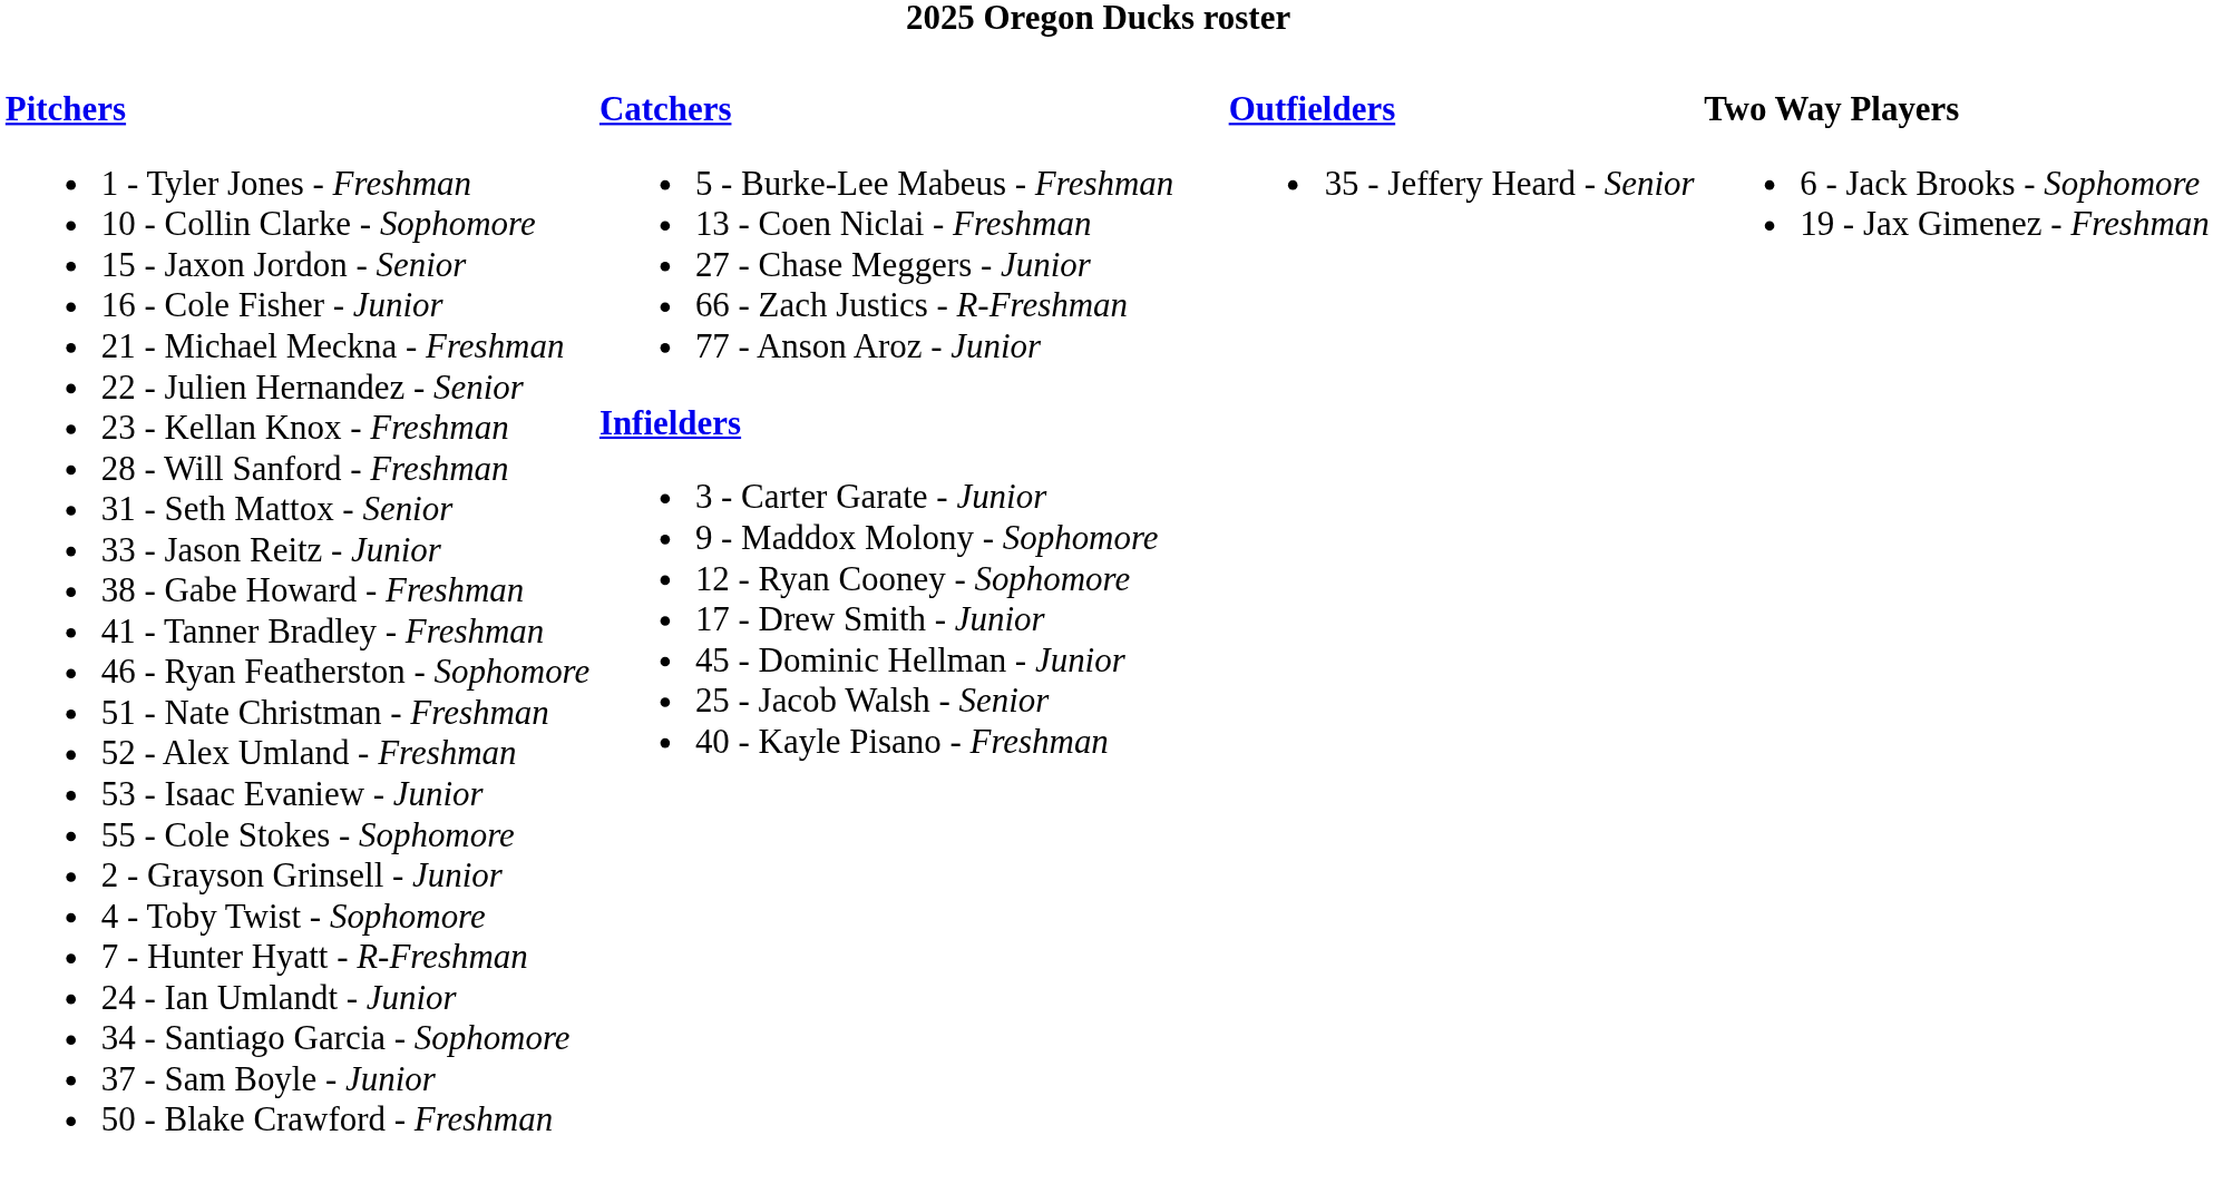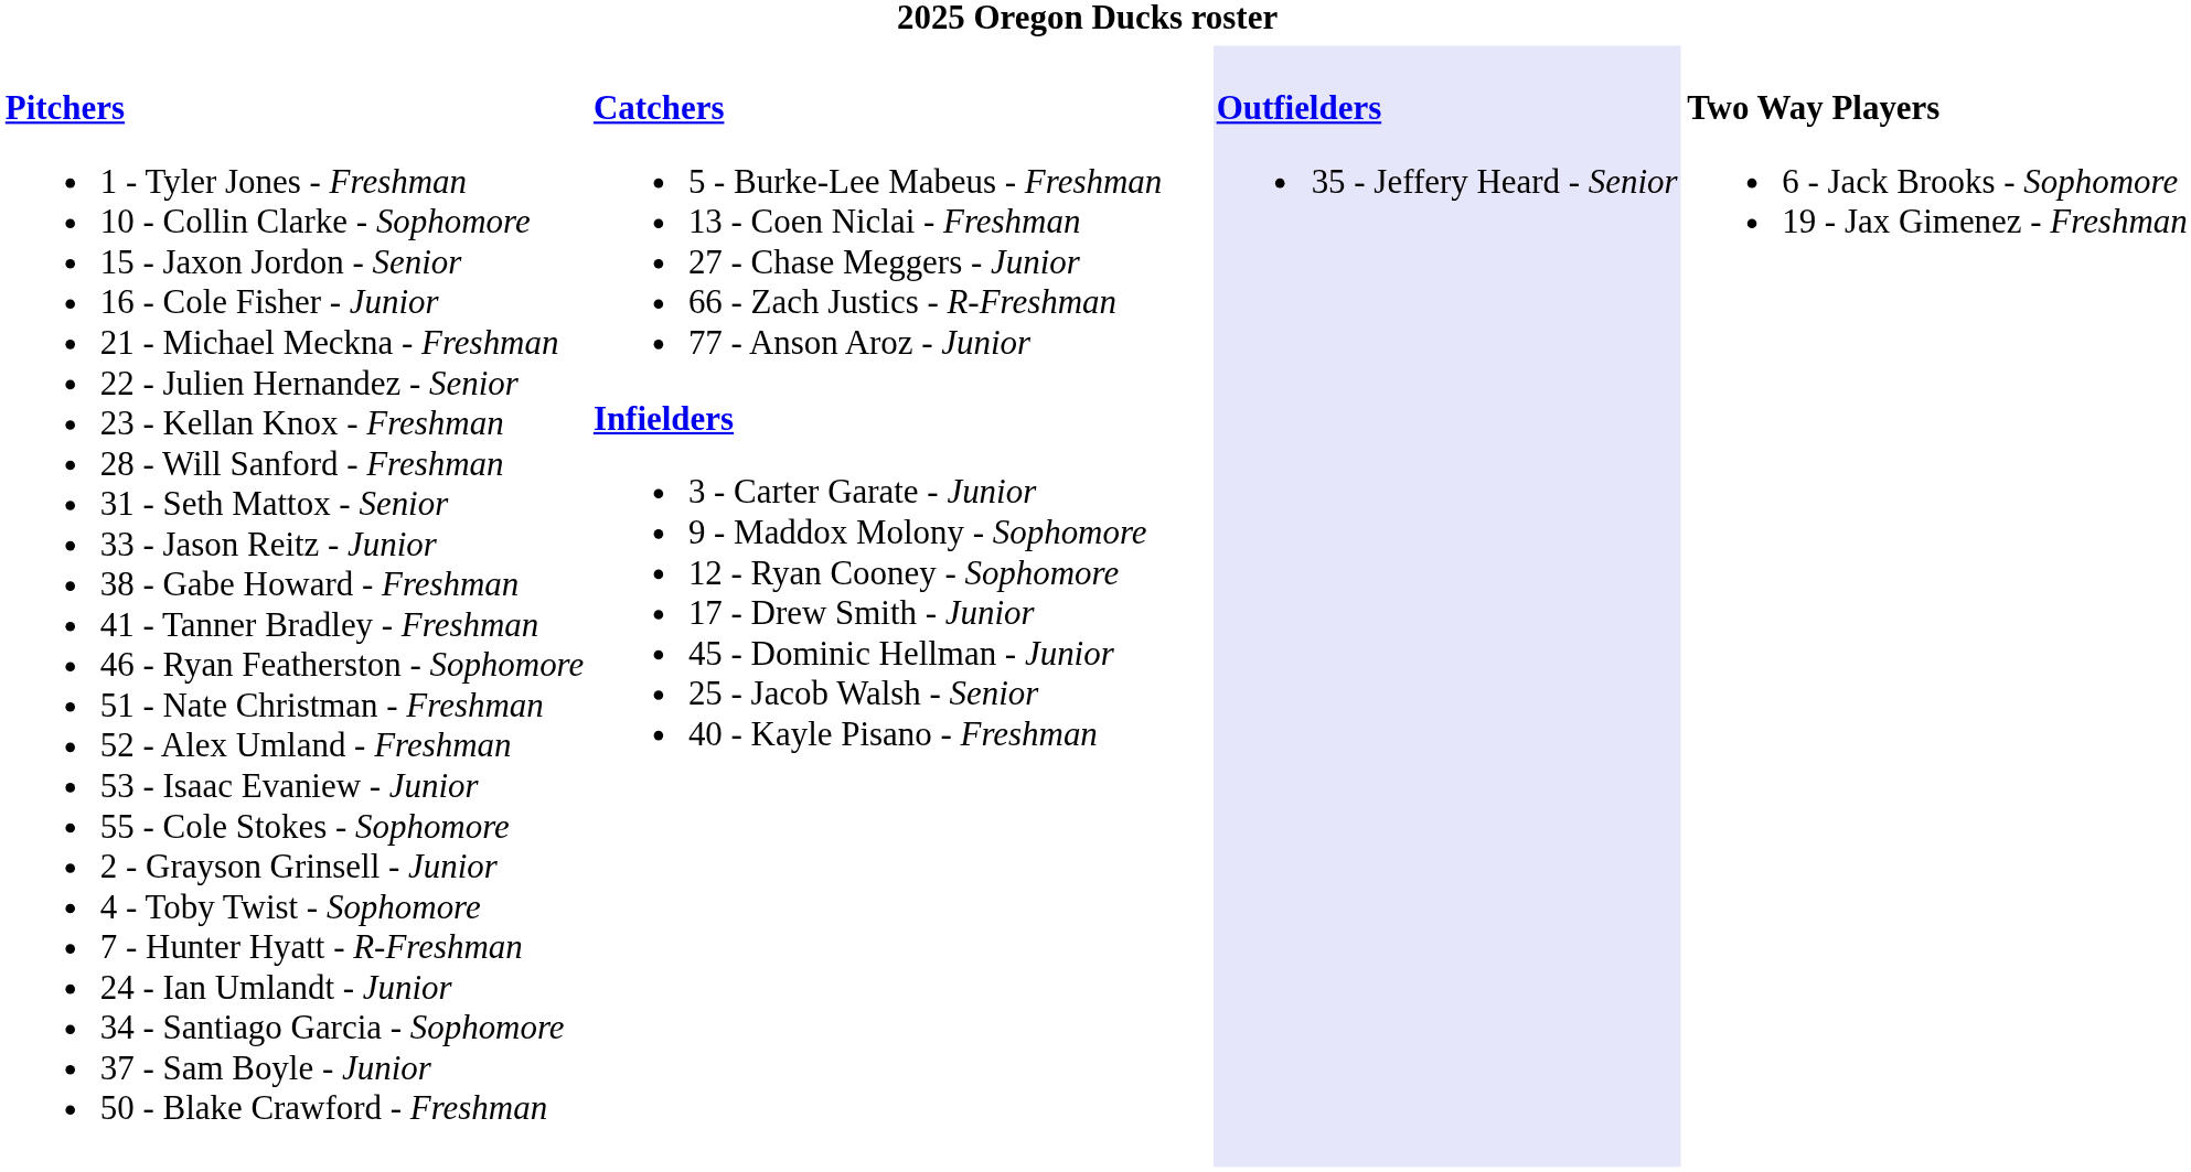 <table class="toccolours" style="border-collapse; font-size:90%;">
 <tr>
 <th colspan=9>2025 Oregon Ducks roster</th>
 </tr>
 <tr>
 <td width="03"> </td>
 <td valign="top"><br><strong><a href='#'>Pitchers</a></strong><ul><li>1 - Tyler Jones - <em>Freshman</em></li><li>10 - Collin Clarke - <em>Sophomore</em></li><li>15 - Jaxon Jordon - <em>Senior</em></li><li>16 - Cole Fisher - <em>Junior</em></li><li>21 - Michael Meckna - <em>Freshman</em></li><li>22 - Julien Hernandez - <em>Senior</em></li><li>23 - Kellan Knox - <em>Freshman</em></li><li>28 - Will Sanford - <em>Freshman</em></li><li>31 - Seth Mattox - <em>Senior</em></li><li>33 - Jason Reitz - <em>Junior</em></li><li>38 - Gabe Howard - <em>Freshman</em></li><li>41 - Tanner Bradley - <em>Freshman</em></li><li>46 - Ryan Featherston - <em>Sophomore</em></li><li>51 - Nate Christman - <em>Freshman</em></li><li>52 - Alex Umland - <em>Freshman</em></li><li>53 - Isaac Evaniew - <em>Junior</em></li><li>55 - Cole Stokes - <em>Sophomore</em></li><li>2 - Grayson Grinsell - <em>Junior</em></li><li>4 - Toby Twist - <em>Sophomore</em></li><li>7 - Hunter Hyatt - <em>R-Freshman</em></li><li>24 - Ian Umlandt - <em>Junior</em></li><li>34 - Santiago Garcia - <em>Sophomore</em></li><li>37 - Sam Boyle - <em>Junior</em></li><li>50 - Blake Crawford - <em>Freshman</em></li></ul></td>
 <td valign="top"><br><strong><a href='#'>Catchers</a></strong><ul><li>5 - Burke-Lee Mabeus - <em>Freshman</em></li><li>13 - Coen Niclai - <em>Freshman</em></li><li>27 - Chase Meggers - <em>Junior</em></li><li>66 - Zach Justics - <em>R-Freshman</em></li><li>77 - Anson Aroz - <em>Junior</em></li></ul><strong><a href='#'>Infielders</a></strong><ul><li>3 - Carter Garate - <em>Junior</em></li><li>9 - Maddox Molony - <em>Sophomore</em></li><li>12 - Ryan Cooney - <em>Sophomore</em></li><li>17 - Drew Smith - <em>Junior</em></li><li>45 - Dominic Hellman - <em>Junior</em></li><li>25 - Jacob Walsh - <em>Senior</em></li><li>40 - Kayle Pisano - <em>Freshman</em></li></ul></td>
 <td width="15"> </td>
-<td valign="top"><br><strong><a href='#'>Outfielders</a></strong><ul><li>35 - Jeffery Heard - <em>Senior</em></li></ul></td>
+<td valign="top" style="background: lavender;"><br><strong><a href='#'>Outfielders</a></strong><ul><li>35 - Jeffery Heard - <em>Senior</em></li></ul></td>
 <td valign="top"><br><strong>Two Way Players</strong><ul><li>6 - Jack Brooks - <em>Sophomore</em></li><li>19 - Jax Gimenez - <em>Freshman</em></li></ul></td>
 </tr>
 </table>
